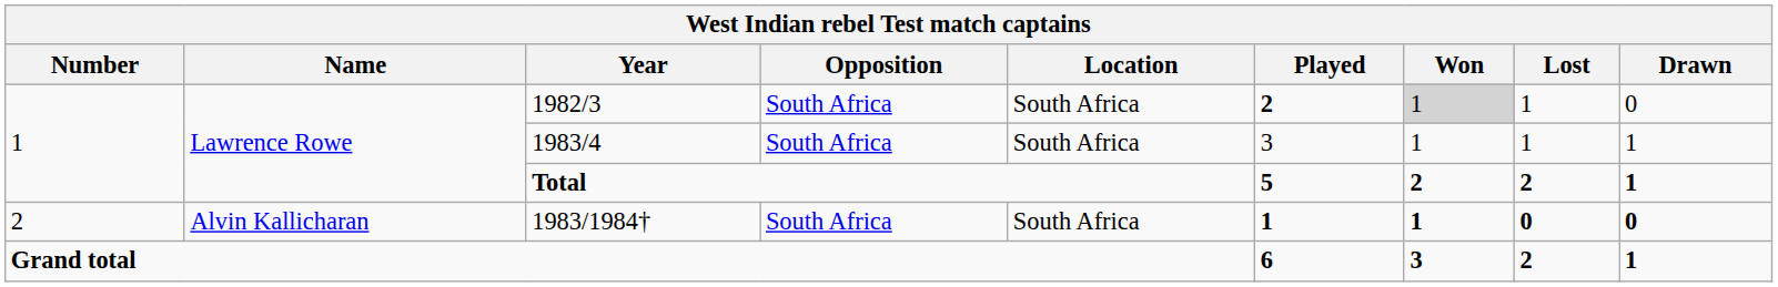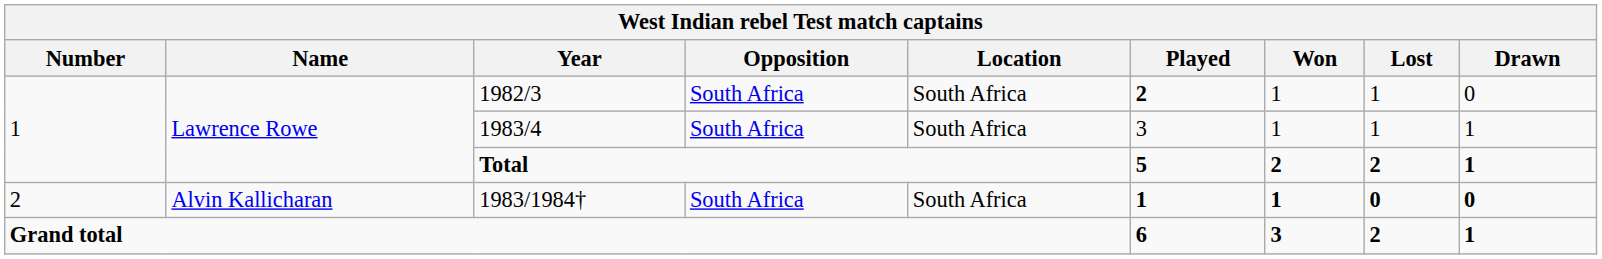 <table class="wikitable" width="90%">
 <tr>
 <th bgcolor="#efefef" colspan=9>West Indian rebel Test match captains</th>
 </tr>
 <tr bgcolor="#efefef">
 <th>Number</th>
 <th>Name</th>
 <th>Year</th>
 <th>Opposition</th>
 <th>Location</th>
 <th>Played</th>
 <th>Won</th>
 <th>Lost</th>
 <th>Drawn</th>
 </tr>
 <tr>
 <td rowspan=3>1</td>
 <td rowspan="3"><a href='#'>Lawrence Rowe</a></td>
 <td>1982/3</td>
 <td><a href='#'>South Africa</a></td>
 <td>South Africa</td>
 <td><strong>2</strong></td>
-<td style="background: lightgrey;">1</td>
+<td>1</td>
 <td>1</td>
 <td>0</td>
 </tr>
 <tr>
 <td>1983/4</td>
 <td><a href='#'>South Africa</a></td>
 <td>South Africa</td>
 <td>3</td>
 <td>1</td>
 <td>1</td>
 <td>1</td>
 </tr>
 <tr>
 <td colspan=3><strong>Total</strong></td>
 <td><strong>5</strong></td>
 <td><strong>2</strong></td>
 <td><strong>2</strong></td>
 <td><strong>1</strong></td>
 </tr>
 <tr>
 <td>2</td>
 <td><a href='#'>Alvin Kallicharan</a></td>
 <td>1983/1984†</td>
 <td><a href='#'>South Africa</a></td>
 <td>South Africa</td>
 <td><strong>1</strong></td>
 <td><strong>1</strong></td>
 <td><strong>0</strong></td>
 <td><strong>0</strong></td>
 </tr>
 <tr>
 <td colspan=5><strong>Grand total</strong></td>
 <td><strong>6</strong></td>
 <td><strong>3</strong></td>
 <td><strong>2</strong></td>
 <td><strong>1</strong></td>
 </tr>
 </table>
